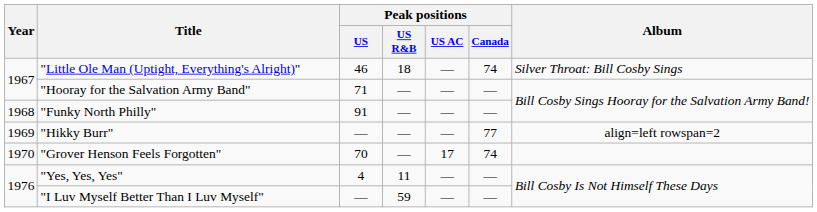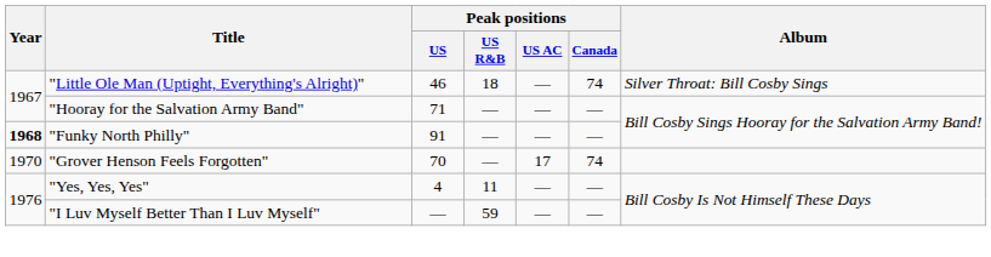 <table class="wikitable plainrowheaders" style="text-align:center;">
 <tr>
 <th rowspan="2">Year</th>
 <th rowspan="2" style="width:22em;">Title</th>
 <th colspan="4">Peak positions</th>
 <th rowspan="2">Album</th>
 </tr>
 <tr style="font-size:smaller;">
 <th style="width:45px;"><a href='#'>US</a></th>
 <th style="width:45px;"><a href='#'>US R&B</a></th>
 <th style="width:45px;"><a href='#'>US AC</a></th>
 <th style="width:45px;"><a href='#'>Canada</a></th>
 </tr>
 <tr>
 <td rowspan="2">1967</td>
 <td align=left>"<a href='#'>Little Ole Man (Uptight, Everything's Alright)</a>"</td>
 <td>46</td>
 <td>18</td>
 <td>—</td>
 <td>74</td>
 <td align=left><em>Silver Throat: Bill Cosby Sings</em></td>
 </tr>
 <tr>
 <td align=left>"Hooray for the Salvation Army Band"</td>
 <td>71</td>
 <td>—</td>
 <td>—</td>
 <td>—</td>
 <td align=left rowspan=2><em>Bill Cosby Sings Hooray for the Salvation Army Band!</em></td>
 </tr>
 <tr>
-<td>1968</td>
+<td><strong>1968</strong></td>
 <td align=left>"Funky North Philly"</td>
 <td>91</td>
 <td>—</td>
 <td>—</td>
 <td>—</td>
-</tr>
-<tr>
-<td>1969</td>
-<td align=left>"Hikky Burr"</td>
-<td>—</td>
-<td>—</td>
-<td>—</td>
-<td>77</td>
-<td>align=left rowspan=2</td>
 </tr>
 <tr>
 <td>1970</td>
 <td align=left>"Grover Henson Feels Forgotten"</td>
 <td>70</td>
 <td>—</td>
 <td>17</td>
 <td>74</td>
 </tr>
 <tr>
 <td rowspan=2>1976</td>
 <td align=left>"Yes, Yes, Yes"</td>
 <td>4</td>
 <td>11</td>
 <td>—</td>
 <td>—</td>
 <td align=left rowspan=2><em>Bill Cosby Is Not Himself These Days</em></td>
 </tr>
 <tr>
 <td align=left>"I Luv Myself Better Than I Luv Myself"</td>
 <td>—</td>
 <td>59</td>
 <td>—</td>
 <td>—</td>
 </tr>
 </table>
